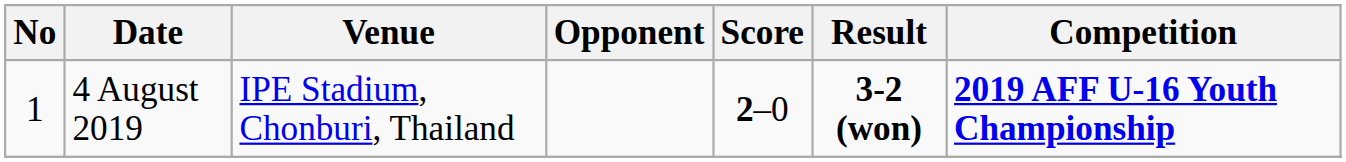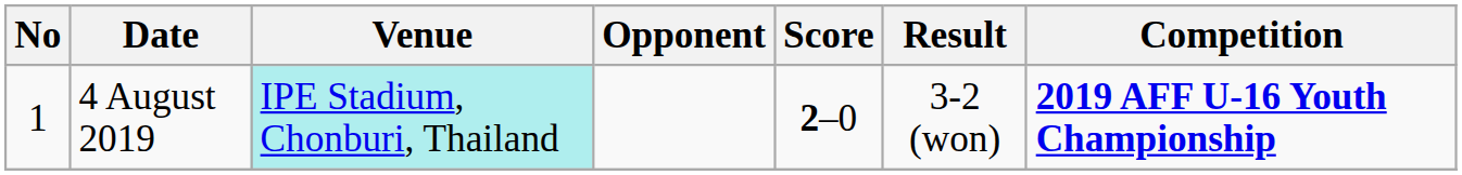 <table class="wikitable">
 <tr>
 <th>No</th>
 <th>Date</th>
 <th>Venue</th>
 <th>Opponent</th>
 <th>Score</th>
 <th>Result</th>
 <th>Competition</th>
 </tr>
 <tr>
 <td align=center>1</td>
 <td>4 August 2019</td>
-<td><a href='#'>IPE Stadium</a>, <a href='#'>Chonburi</a>, Thailand</td>
+<td style="background: paleturquoise;"><a href='#'>IPE Stadium</a>, <a href='#'>Chonburi</a>, Thailand</td>
 <td></td>
 <td align=center><strong>2</strong>–0</td>
-<td align=center><strong>3-2 (won)</strong></td>
+<td align=center>3-2 (won)</td>
 <td><strong><a href='#'>2019 AFF U-16 Youth Championship</a></strong></td>
 </tr>
 <tr>
 </tr>
 </table>
